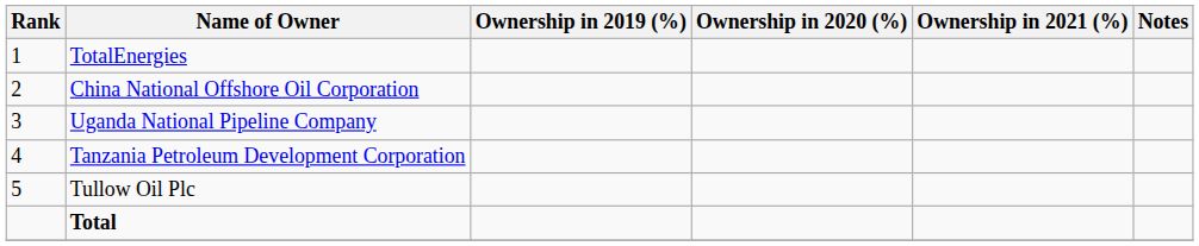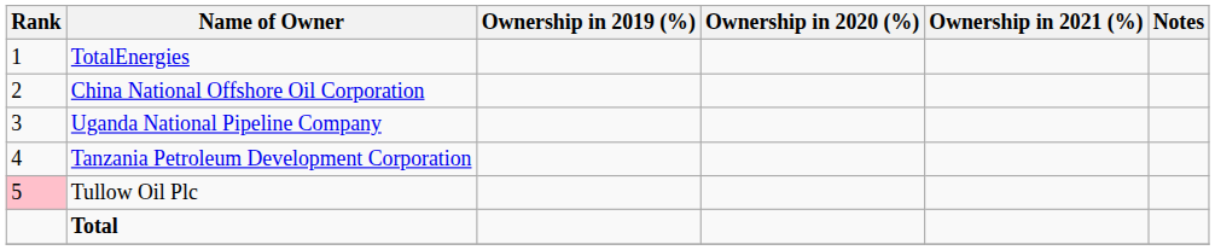 <table class="wikitable sortable" style="margin: 0.5em auto">
 <tr>
 <th>Rank</th>
 <th>Name of Owner</th>
 <th>Ownership in 2019 (%)</th>
 <th>Ownership in 2020 (%)</th>
 <th>Ownership in 2021 (%)</th>
 <th>Notes</th>
 </tr>
 <tr>
 <td>1</td>
 <td><a href='#'>TotalEnergies</a></td>
 <td></td>
 <td></td>
 <td></td>
 <td></td>
 </tr>
 <tr>
 <td>2</td>
 <td><a href='#'>China National Offshore Oil Corporation</a></td>
 <td></td>
 <td></td>
 <td></td>
 <td></td>
 </tr>
 <tr>
 <td>3</td>
 <td><a href='#'>Uganda National Pipeline Company</a></td>
 <td></td>
 <td></td>
 <td></td>
 <td></td>
 </tr>
 <tr>
 <td>4</td>
 <td><a href='#'>Tanzania Petroleum Development Corporation</a></td>
 <td></td>
 <td></td>
 <td></td>
 <td></td>
 </tr>
 <tr>
-<td>5</td>
+<td style="background: pink;">5</td>
 <td>Tullow Oil Plc</td>
 <td></td>
 <td></td>
 <td></td>
 <td></td>
 </tr>
 <tr>
 <td></td>
 <td><strong>Total</strong></td>
 <td></td>
 <td></td>
 <td></td>
 <td></td>
 </tr>
 <tr>
 </tr>
 </table>
